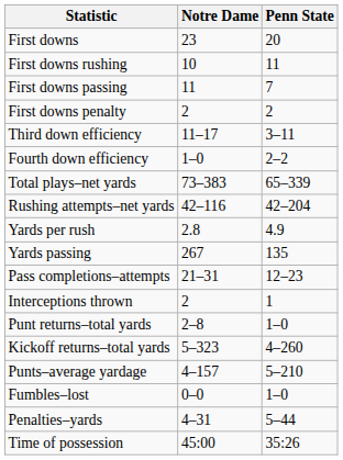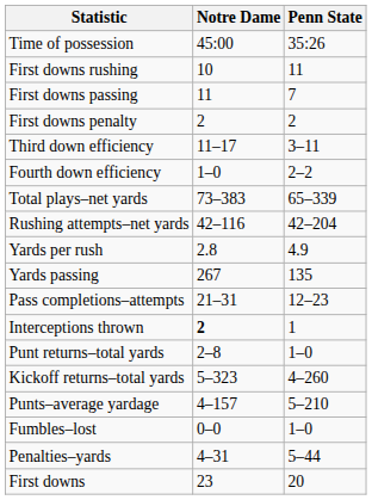 <table class="wikitable">
 <tr>
 <th>Statistic</th>
 <th><strong>Notre Dame</strong></th>
 <th><strong>Penn State</strong></th>
 </tr>
 <tr>
-<td>First downs</td>
-<td>23</td>
-<td>20</td>
+<td>Time of possession</td>
+<td>45:00</td>
+<td>35:26</td>
 </tr>
 <tr>
 <td>First downs rushing</td>
 <td>10</td>
 <td>11</td>
 </tr>
 <tr>
 <td>First downs passing</td>
 <td>11</td>
 <td>7</td>
 </tr>
 <tr>
 <td>First downs penalty</td>
 <td>2</td>
 <td>2</td>
 </tr>
 <tr>
 <td>Third down efficiency</td>
 <td>11–17</td>
 <td>3–11</td>
 </tr>
 <tr>
 <td>Fourth down efficiency</td>
 <td>1–0</td>
 <td>2–2</td>
 </tr>
 <tr>
 <td>Total plays–net yards</td>
 <td>73–383</td>
 <td>65–339</td>
 </tr>
 <tr>
 <td>Rushing attempts–net yards</td>
 <td>42–116</td>
 <td>42–204</td>
 </tr>
 <tr>
 <td>Yards per rush</td>
 <td>2.8</td>
 <td>4.9</td>
 </tr>
 <tr>
 <td>Yards passing</td>
 <td>267</td>
 <td>135</td>
 </tr>
 <tr>
 <td>Pass completions–attempts</td>
 <td>21–31</td>
 <td>12–23</td>
 </tr>
 <tr>
 <td>Interceptions thrown</td>
-<td>2</td>
+<td><strong>2</strong></td>
 <td>1</td>
 </tr>
 <tr>
 <td>Punt returns–total yards</td>
 <td>2–8</td>
 <td>1–0</td>
 </tr>
 <tr>
 <td>Kickoff returns–total yards</td>
 <td>5–323</td>
 <td>4–260</td>
 </tr>
 <tr>
 <td>Punts–average yardage</td>
 <td>4–157</td>
 <td>5–210</td>
 </tr>
 <tr>
 <td>Fumbles–lost</td>
 <td>0–0</td>
 <td>1–0</td>
 </tr>
 <tr>
 <td>Penalties–yards</td>
 <td>4–31</td>
 <td>5–44</td>
 </tr>
 <tr>
-<td>Time of possession</td>
-<td>45:00</td>
-<td>35:26</td>
+<td>First downs</td>
+<td>23</td>
+<td>20</td>
 </tr>
 </table>
